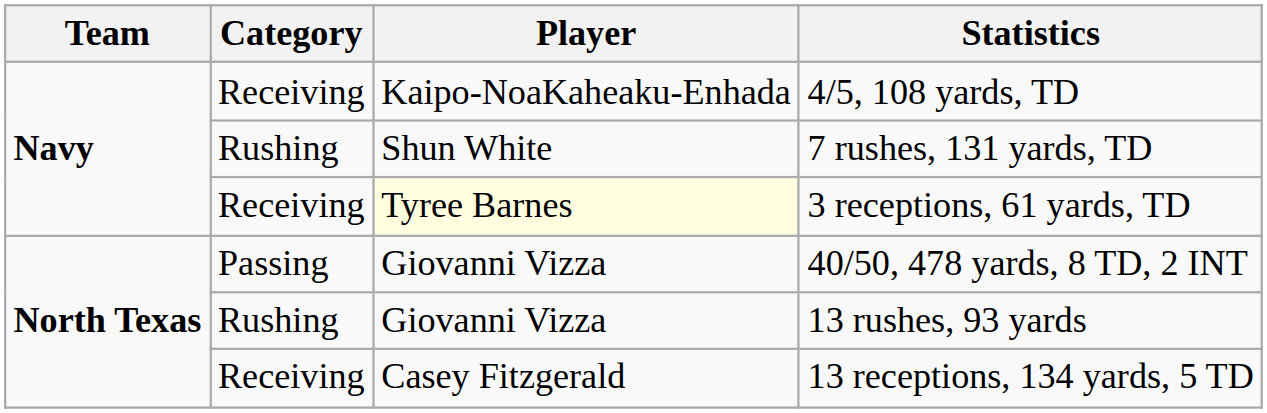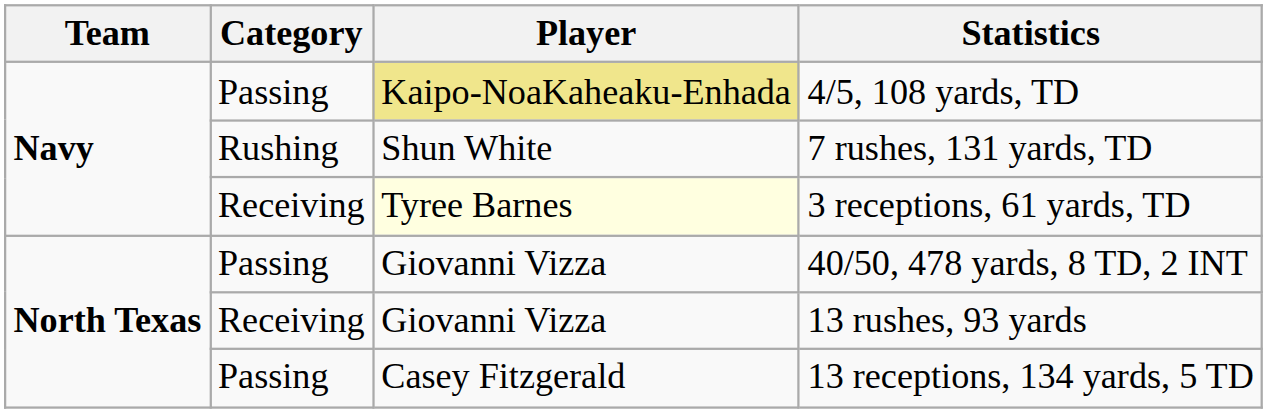 <table class="wikitable" style="float: left;">
 <tr>
 <th>Team</th>
 <th>Category</th>
 <th>Player</th>
 <th>Statistics</th>
 </tr>
 <tr>
 <td rowspan=3><strong>Navy</strong></td>
-<td>Receiving</td>
-<td>Kaipo-NoaKaheaku-Enhada</td>
+<td>Passing</td>
+<td style="background: khaki;">Kaipo-NoaKaheaku-Enhada</td>
 <td>4/5, 108 yards, TD</td>
 </tr>
 <tr>
 <td>Rushing</td>
 <td>Shun White</td>
 <td>7 rushes, 131 yards, TD</td>
 </tr>
 <tr>
 <td>Receiving</td>
 <td style="background: lightyellow;">Tyree Barnes</td>
 <td>3 receptions, 61 yards, TD</td>
 </tr>
 <tr>
 <td rowspan=3><strong>North Texas</strong></td>
 <td>Passing</td>
 <td>Giovanni Vizza</td>
 <td>40/50, 478 yards, 8 TD, 2 INT</td>
 </tr>
 <tr>
-<td>Rushing</td>
+<td>Receiving</td>
 <td>Giovanni Vizza</td>
 <td>13 rushes, 93 yards</td>
 </tr>
 <tr>
-<td>Receiving</td>
+<td>Passing</td>
 <td>Casey Fitzgerald</td>
 <td>13 receptions, 134 yards, 5 TD</td>
 </tr>
 </table>
